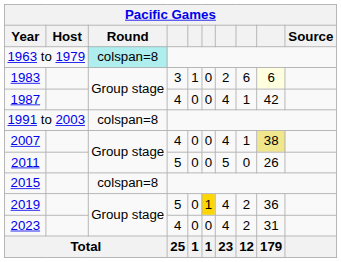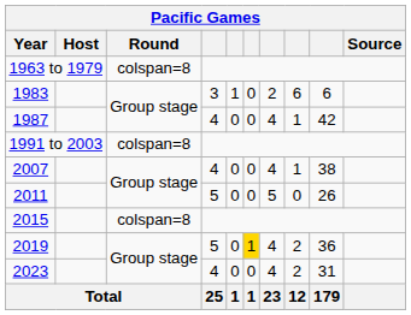 <table class="wikitable" style="text-align: center;font-size:100%;">
 <tr>
 <th colspan=10><a href='#'>Pacific Games</a></th>
 </tr>
 <tr>
 <th>Year</th>
 <th>Host</th>
 <th>Round</th>
 <th></th>
 <th></th>
 <th></th>
 <th></th>
 <th></th>
 <th></th>
 <th>Source</th>
 </tr>
 <tr>
 <td colspan=2><a href='#'>1963</a> to <a href='#'>1979</a></td>
-<td style="background: paleturquoise;">colspan=8</td>
+<td>colspan=8</td>
 </tr>
 <tr>
 <td><a href='#'>1983</a></td>
 <td align=left></td>
 <td rowspan=2>Group stage</td>
 <td>3</td>
 <td>1</td>
 <td>0</td>
 <td>2</td>
 <td>6</td>
-<td style="background: lightyellow;">6</td>
+<td>6</td>
 <td></td>
 </tr>
 <tr>
 <td><a href='#'>1987</a></td>
 <td align=left></td>
 <td>4</td>
 <td>0</td>
 <td>0</td>
 <td>4</td>
 <td>1</td>
 <td>42</td>
 <td></td>
 </tr>
 <tr>
 <td colspan=2><a href='#'>1991</a> to <a href='#'>2003</a></td>
 <td>colspan=8</td>
 </tr>
 <tr>
 <td><a href='#'>2007</a></td>
 <td align=left></td>
 <td rowspan=2>Group stage</td>
 <td>4</td>
 <td>0</td>
 <td>0</td>
 <td>4</td>
 <td>1</td>
-<td style="background: khaki;">38</td>
+<td>38</td>
 <td></td>
 </tr>
 <tr>
 <td><a href='#'>2011</a></td>
 <td align=left></td>
 <td>5</td>
 <td>0</td>
 <td>0</td>
 <td>5</td>
 <td>0</td>
 <td>26</td>
 <td></td>
 </tr>
 <tr>
 <td><a href='#'>2015</a></td>
 <td align=left></td>
 <td>colspan=8</td>
 </tr>
 <tr>
 <td><a href='#'>2019</a></td>
 <td align=left></td>
 <td rowspan=2>Group stage</td>
 <td>5</td>
 <td>0</td>
 <td style="background: gold;">1</td>
 <td>4</td>
 <td>2</td>
 <td>36</td>
 <td></td>
 </tr>
 <tr>
 <td><a href='#'>2023</a></td>
 <td align=left></td>
 <td>4</td>
 <td>0</td>
 <td>0</td>
 <td>4</td>
 <td>2</td>
 <td>31</td>
 <td></td>
 </tr>
 <tr>
 <th colspan=3>Total</th>
 <th>25</th>
 <th>1</th>
 <th>1</th>
 <th>23</th>
 <th>12</th>
 <th>179</th>
 <th></th>
 </tr>
 </table>
